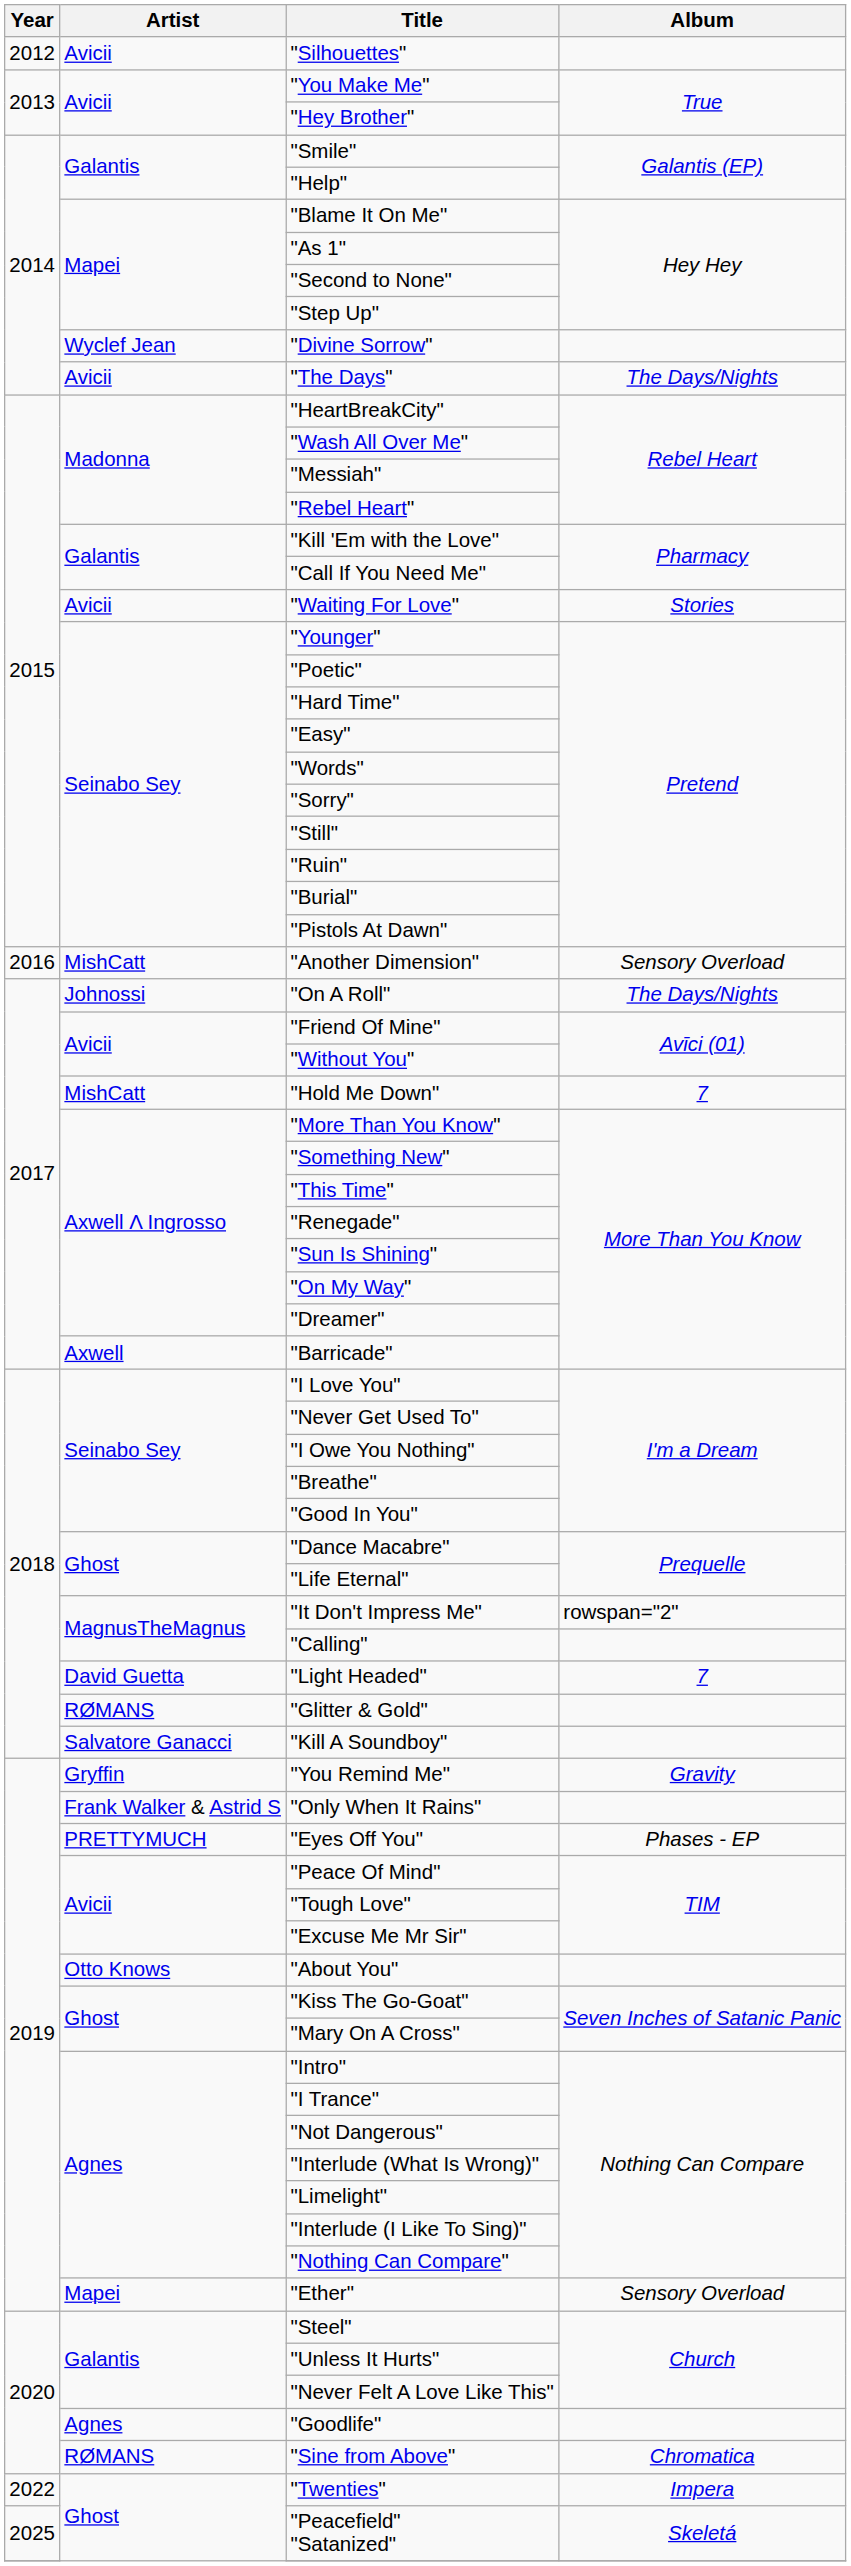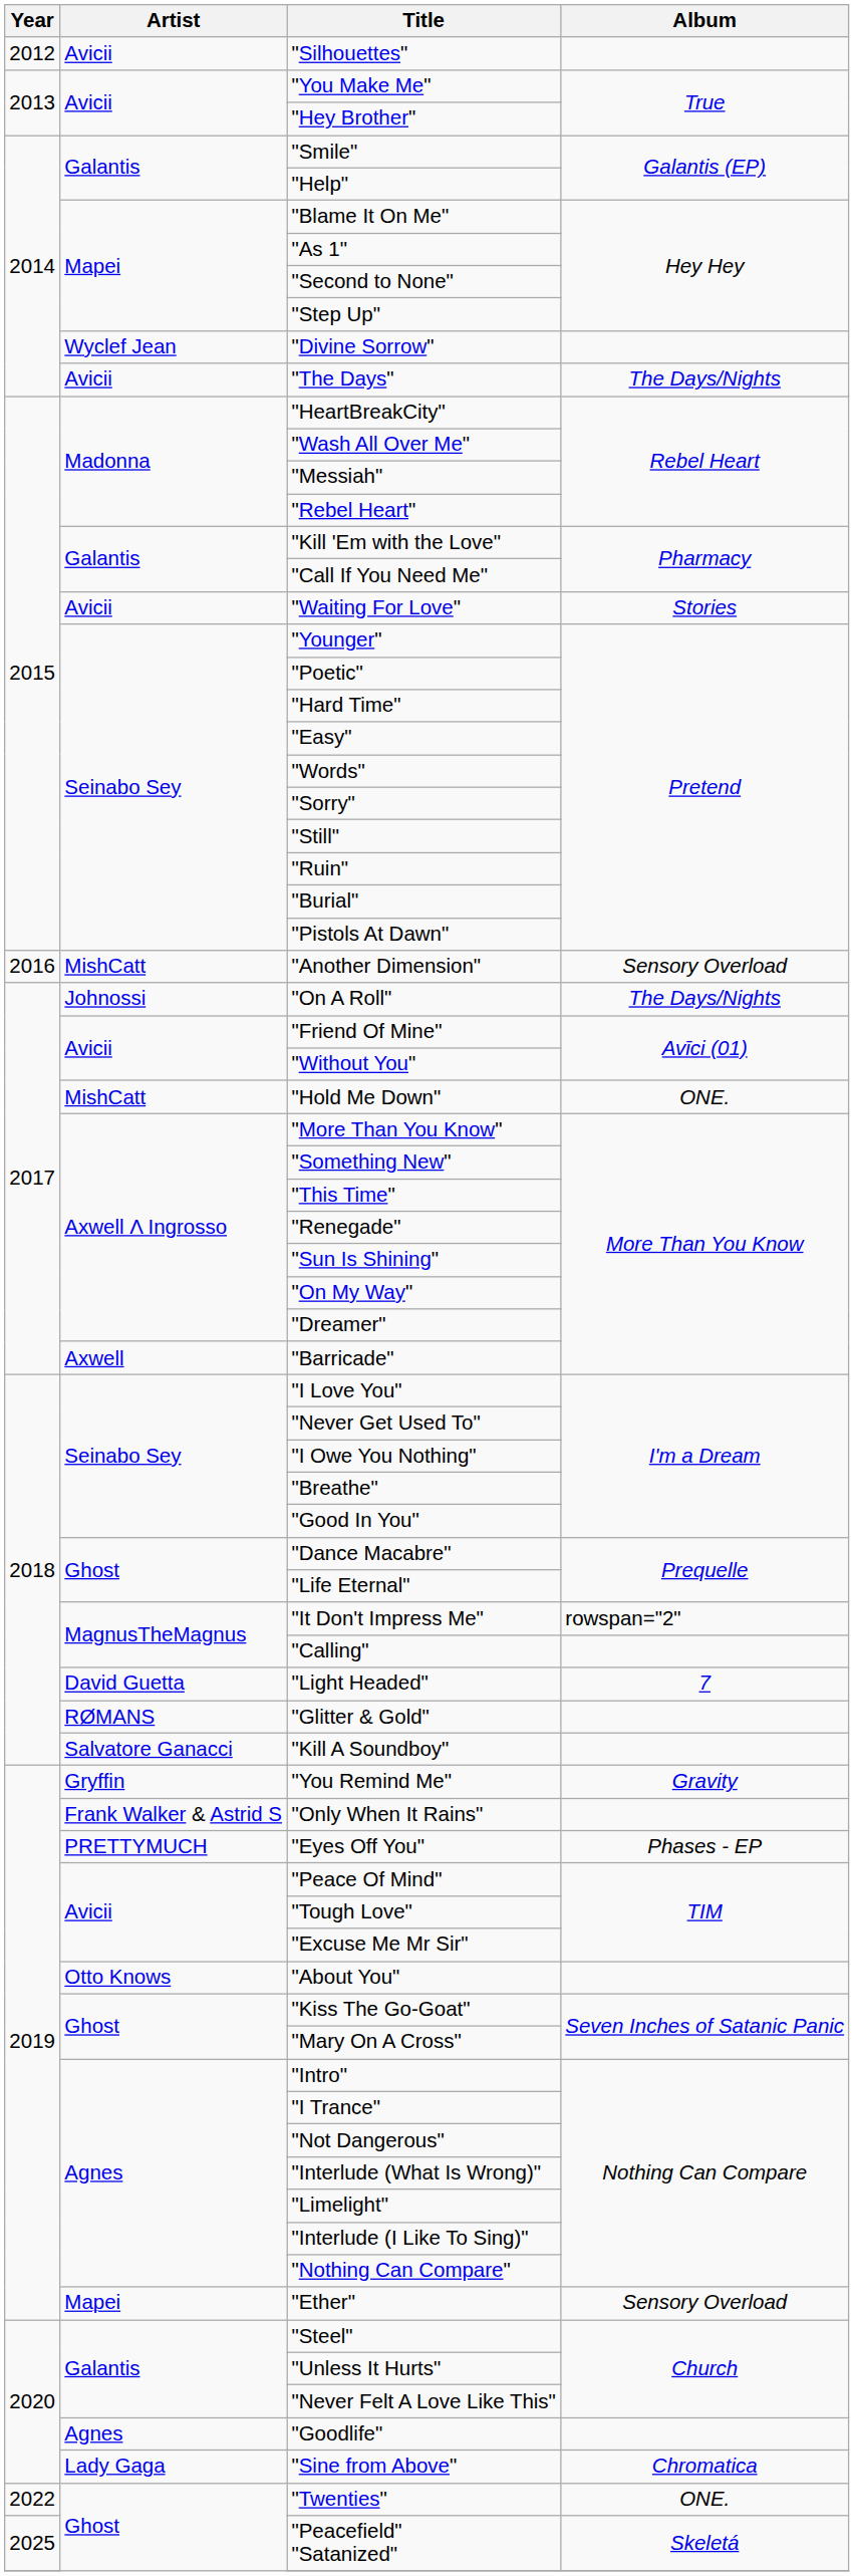 <table class="wikitable">
 <tr>
 <th>Year</th>
 <th>Artist</th>
 <th>Title</th>
 <th>Album</th>
 </tr>
 <tr>
 <td>2012</td>
 <td><a href='#'>Avicii</a></td>
 <td>"<a href='#'>Silhouettes</a>"</td>
 <td></td>
 </tr>
 <tr>
 <td rowspan="2">2013</td>
 <td rowspan="2"><a href='#'>Avicii</a></td>
 <td>"<a href='#'>You Make Me</a>"</td>
 <td rowspan="2" style="text-align:center;"><em><a href='#'>True</a></em></td>
 </tr>
 <tr>
 <td>"<a href='#'>Hey Brother</a>"</td>
 </tr>
 <tr>
 <td rowspan="8">2014</td>
 <td rowspan="2"><a href='#'>Galantis</a></td>
 <td>"Smile"</td>
 <td rowspan="2" style="text-align:center;"><em><a href='#'>Galantis (EP)</a></em></td>
 </tr>
 <tr>
 <td>"Help"</td>
 </tr>
 <tr>
 <td rowspan="4"><a href='#'>Mapei</a></td>
 <td>"Blame It On Me"</td>
 <td rowspan="4" style="text-align:center;"><em>Hey Hey</em></td>
 </tr>
 <tr>
 <td>"As 1"</td>
 </tr>
 <tr>
 <td>"Second to None"</td>
 </tr>
 <tr>
 <td>"Step Up"</td>
 </tr>
 <tr>
 <td><a href='#'>Wyclef Jean</a></td>
 <td>"<a href='#'>Divine Sorrow</a>"<br></td>
 <td></td>
 </tr>
 <tr>
 <td><a href='#'>Avicii</a></td>
 <td>"<a href='#'>The Days</a>"</td>
 <td style="text-align:center;"><em><a href='#'>The Days/Nights</a></em></td>
 </tr>
 <tr>
 <td rowspan="17">2015</td>
 <td rowspan="4"><a href='#'>Madonna</a></td>
 <td>"HeartBreakCity"</td>
 <td rowspan="4" style="text-align:center;"><em><a href='#'>Rebel Heart</a></em></td>
 </tr>
 <tr>
 <td>"<a href='#'>Wash All Over Me</a>"</td>
 </tr>
 <tr>
 <td>"Messiah"</td>
 </tr>
 <tr>
 <td>"<a href='#'>Rebel Heart</a>"</td>
 </tr>
 <tr>
 <td rowspan="2"><a href='#'>Galantis</a></td>
 <td>"Kill 'Em with the Love"</td>
 <td rowspan="2" style="text-align:center;"><em><a href='#'>Pharmacy</a></em></td>
 </tr>
 <tr>
 <td>"Call If You Need Me"</td>
 </tr>
 <tr>
 <td><a href='#'>Avicii</a></td>
 <td>"<a href='#'>Waiting For Love</a>"</td>
 <td style="text-align:center;"><em><a href='#'>Stories</a></em></td>
 </tr>
 <tr>
 <td rowspan="10"><a href='#'>Seinabo Sey</a></td>
 <td>"<a href='#'>Younger</a>"</td>
 <td rowspan="10" style="text-align:center;"><em><a href='#'>Pretend</a></em></td>
 </tr>
 <tr>
 <td>"Poetic"</td>
 </tr>
 <tr>
 <td>"Hard Time"</td>
 </tr>
 <tr>
 <td>"Easy"</td>
 </tr>
 <tr>
 <td>"Words"</td>
 </tr>
 <tr>
 <td>"Sorry"</td>
 </tr>
 <tr>
 <td>"Still"</td>
 </tr>
 <tr>
 <td>"Ruin"</td>
 </tr>
 <tr>
 <td>"Burial"</td>
 </tr>
 <tr>
 <td>"Pistols At Dawn"</td>
 </tr>
 <tr>
 <td>2016</td>
 <td><a href='#'>MishCatt</a></td>
 <td>"Another Dimension"</td>
 <td style="text-align:center;"><em>Sensory Overload</em></td>
 </tr>
 <tr>
 <td rowspan="12">2017</td>
 <td><a href='#'>Johnossi</a></td>
 <td>"On A Roll"</td>
 <td style="text-align:center;"><em><a href='#'>The Days/Nights</a></em></td>
 </tr>
 <tr>
 <td rowspan="2"><a href='#'>Avicii</a></td>
 <td>"Friend Of Mine"<br></td>
 <td rowspan="2" style="text-align:center;"><em><a href='#'>Avīci (01)</a></em></td>
 </tr>
 <tr>
 <td>"<a href='#'>Without You</a>"<br></td>
 </tr>
 <tr>
 <td><a href='#'>MishCatt</a></td>
 <td>"Hold Me Down"</td>
-<td style="text-align:center;"><em><a href='#'>7</a></em></td>
+<td style="text-align:center;"><em>ONE.</em></td>
 </tr>
 <tr>
 <td rowspan="7"><a href='#'>Axwell Λ Ingrosso</a></td>
 <td>"<a href='#'>More Than You Know</a>"</td>
 <td rowspan="8" style="text-align:center;"><em><a href='#'>More Than You Know</a></em></td>
 </tr>
 <tr>
 <td>"<a href='#'>Something New</a>"</td>
 </tr>
 <tr>
 <td>"<a href='#'>This Time</a>"</td>
 </tr>
 <tr>
 <td>"Renegade"</td>
 </tr>
 <tr>
 <td>"<a href='#'>Sun Is Shining</a>"</td>
 </tr>
 <tr>
 <td>"<a href='#'>On My Way</a>"</td>
 </tr>
 <tr>
 <td>"Dreamer"</td>
 </tr>
 <tr>
 <td><a href='#'>Axwell</a></td>
 <td>"Barricade"</td>
 </tr>
 <tr>
 <td rowspan="12">2018</td>
 <td rowspan="5"><a href='#'>Seinabo Sey</a></td>
 <td>"I Love You"</td>
 <td rowspan="5" style="text-align:center;"><em><a href='#'>I'm a Dream</a></em></td>
 </tr>
 <tr>
 <td>"Never Get Used To"</td>
 </tr>
 <tr>
 <td>"I Owe You Nothing"</td>
 </tr>
 <tr>
 <td>"Breathe"</td>
 </tr>
 <tr>
 <td>"Good In You"</td>
 </tr>
 <tr>
 <td rowspan="2"><a href='#'>Ghost</a></td>
 <td>"Dance Macabre"</td>
 <td rowspan="2" style="text-align:center;"><em><a href='#'>Prequelle</a></em></td>
 </tr>
 <tr>
 <td>"Life Eternal"</td>
 </tr>
 <tr>
 <td rowspan="2"><a href='#'>MagnusTheMagnus</a></td>
 <td>"It Don't Impress Me"<br></td>
 <td>rowspan="2" </td>
 </tr>
 <tr>
 <td>"Calling"<br></td>
 </tr>
 <tr>
 <td><a href='#'>David Guetta</a></td>
 <td>"Light Headed" <br></td>
 <td style="text-align:center;"><em><a href='#'>7</a></em></td>
 </tr>
 <tr>
 <td><a href='#'>RØMANS</a></td>
 <td>"Glitter & Gold"</td>
 <td></td>
 </tr>
 <tr>
 <td><a href='#'>Salvatore Ganacci</a></td>
 <td>"Kill A Soundboy" <br></td>
 <td></td>
 </tr>
 <tr>
 <td rowspan="17">2019</td>
 <td><a href='#'>Gryffin</a></td>
 <td>"You Remind Me" <br></td>
 <td style="text-align:center;"><em><a href='#'>Gravity</a></em></td>
 </tr>
 <tr>
 <td><a href='#'>Frank Walker</a> & <a href='#'>Astrid S</a></td>
 <td>"Only When It Rains"</td>
 <td></td>
 </tr>
 <tr>
 <td><a href='#'>PRETTYMUCH</a></td>
 <td>"Eyes Off You"</td>
 <td style="text-align:center;"><em>Phases - EP</em></td>
 </tr>
 <tr>
 <td rowspan="3"><a href='#'>Avicii</a></td>
 <td>"Peace Of Mind" <br></td>
 <td rowspan="3" style="text-align:center;"><em><a href='#'>TIM</a></em></td>
 </tr>
 <tr>
 <td>"Tough Love"<br></td>
 </tr>
 <tr>
 <td>"Excuse Me Mr Sir"<br></td>
 </tr>
 <tr>
 <td><a href='#'>Otto Knows</a></td>
 <td>"About You"</td>
 <td></td>
 </tr>
 <tr>
 <td rowspan="2"><a href='#'>Ghost</a></td>
 <td>"Kiss The Go-Goat"</td>
 <td rowspan="2" style="text-align:center;"><em><a href='#'>Seven Inches of Satanic Panic</a></em></td>
 </tr>
 <tr>
 <td>"Mary On A Cross"</td>
 </tr>
 <tr>
 <td rowspan="7"><a href='#'>Agnes</a></td>
 <td>"Intro"</td>
 <td rowspan="7" style="text-align:center;"><em>Nothing Can Compare</em></td>
 </tr>
 <tr>
 <td>"I Trance"</td>
 </tr>
 <tr>
 <td>"Not Dangerous"</td>
 </tr>
 <tr>
 <td>"Interlude (What Is Wrong)"</td>
 </tr>
 <tr>
 <td>"Limelight"</td>
 </tr>
 <tr>
 <td>"Interlude (I Like To Sing)"</td>
 </tr>
 <tr>
 <td>"<a href='#'>Nothing Can Compare</a>"</td>
 </tr>
 <tr>
 <td><a href='#'>Mapei</a></td>
 <td>"Ether"</td>
 <td style="text-align:center;"><em>Sensory Overload</em></td>
 </tr>
 <tr>
 <td rowspan="5">2020</td>
 <td rowspan="3"><a href='#'>Galantis</a></td>
 <td>"Steel"</td>
 <td rowspan="3" style="text-align:center;"><em><a href='#'>Church</a></em></td>
 </tr>
 <tr>
 <td>"Unless It Hurts"</td>
 </tr>
 <tr>
 <td>"Never Felt A Love Like This" <br></td>
 </tr>
 <tr>
 <td><a href='#'>Agnes</a></td>
 <td>"Goodlife"</td>
 <td></td>
 </tr>
 <tr>
-<td><a href='#'>RØMANS</a></td>
+<td><a href='#'>Lady Gaga</a></td>
 <td>"<a href='#'>Sine from Above</a>" <br></td>
 <td style="text-align:center;"><em><a href='#'>Chromatica</a></em></td>
 </tr>
 <tr>
 <td rowspan="1">2022</td>
 <td rowspan="4"><a href='#'>Ghost</a></td>
 <td>"<a href='#'>Twenties</a>"</td>
-<td style="text-align:center;"><em><a href='#'>Impera</a></em></td>
+<td style="text-align:center;"><em>ONE.</em></td>
 </tr>
 <tr>
 <td>2025</td>
 <td>"Peacefield"<br>"Satanized"</td>
 <td style="text-align:center;"><em><a href='#'>Skeletá</a></em></td>
 </tr>
 <tr>
 </tr>
 </table>
